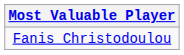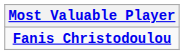 <table class=wikitable style="text-align:center; margin:auto">
 <tr>
 <th><a href='#'>Most Valuable Player</a></th>
 </tr>
 <tr>
-<td> <a href='#'>Fanis Christodoulou</a></td>
+<td><strong> <a href='#'>Fanis Christodoulou</a></strong></td>
 </tr>
 </table>
